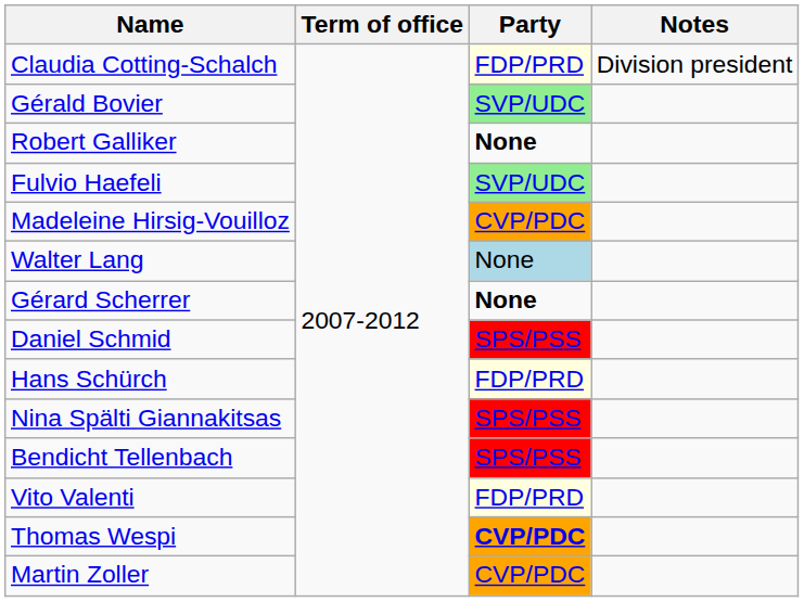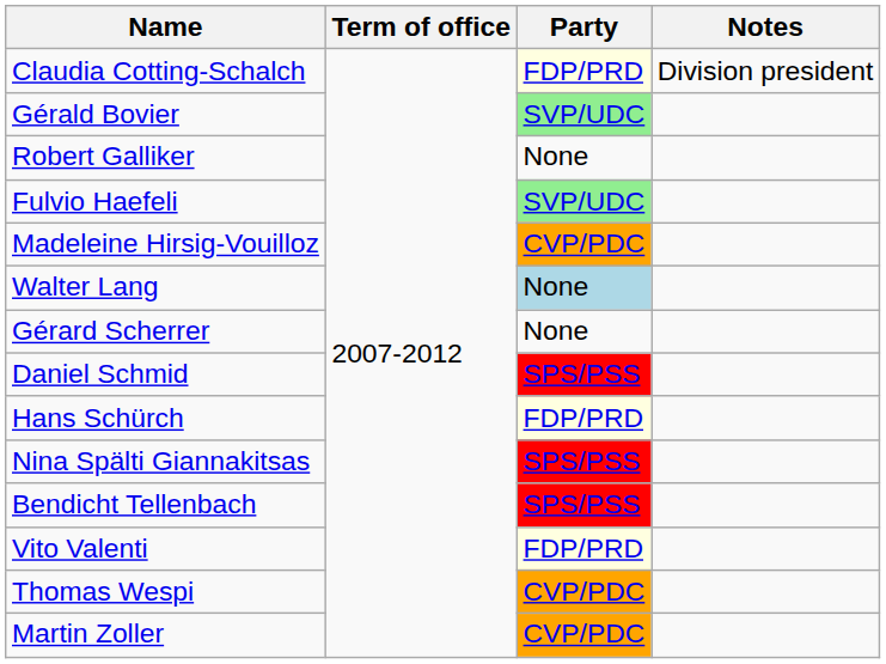 <table class="wikitable">
 <tr>
 <th>Name</th>
 <th>Term of office</th>
 <th>Party</th>
 <th>Notes</th>
 </tr>
 <tr>
 <td><a href='#'>Claudia Cotting-Schalch</a></td>
 <td rowspan="14">2007-2012</td>
 <td style="background:lightyellow"><a href='#'>FDP/PRD</a></td>
 <td>Division president</td>
 </tr>
 <tr>
 <td><a href='#'>Gérald Bovier</a></td>
 <td style="background:lightgreen"><a href='#'>SVP/UDC</a></td>
 <td></td>
 </tr>
 <tr>
 <td><a href='#'>Robert Galliker</a></td>
-<td><strong>None</strong></td>
+<td>None</td>
 <td></td>
 </tr>
 <tr>
 <td><a href='#'>Fulvio Haefeli</a></td>
 <td style="background:lightgreen"><a href='#'>SVP/UDC</a></td>
 <td></td>
 </tr>
 <tr>
 <td><a href='#'>Madeleine Hirsig-Vouilloz</a></td>
 <td style="background:orange"><a href='#'>CVP/PDC</a></td>
 <td></td>
 </tr>
 <tr>
 <td><a href='#'>Walter Lang</a></td>
 <td style="background: lightblue;">None</td>
 <td></td>
 </tr>
 <tr>
 <td><a href='#'>Gérard Scherrer</a></td>
-<td><strong>None</strong></td>
+<td>None</td>
 <td></td>
 </tr>
 <tr>
 <td><a href='#'>Daniel Schmid</a></td>
 <td style="background:red"><a href='#'>SPS/PSS</a></td>
 <td></td>
 </tr>
 <tr>
 <td><a href='#'>Hans Schürch</a></td>
 <td style="background:lightyellow"><a href='#'>FDP/PRD</a></td>
 <td></td>
 </tr>
 <tr>
 <td><a href='#'>Nina Spälti Giannakitsas</a></td>
 <td style="background:red"><a href='#'>SPS/PSS</a></td>
 <td></td>
 </tr>
 <tr>
 <td><a href='#'>Bendicht Tellenbach</a></td>
 <td style="background:red"><a href='#'>SPS/PSS</a></td>
 <td></td>
 </tr>
 <tr>
 <td><a href='#'>Vito Valenti</a></td>
 <td style="background:lightyellow"><a href='#'>FDP/PRD</a></td>
 <td></td>
 </tr>
 <tr>
 <td><a href='#'>Thomas Wespi</a></td>
-<td style="background:orange"><strong><a href='#'>CVP/PDC</a></strong></td>
+<td style="background:orange"><a href='#'>CVP/PDC</a></td>
 <td></td>
 </tr>
 <tr>
 <td><a href='#'>Martin Zoller</a></td>
 <td style="background:orange"><a href='#'>CVP/PDC</a></td>
 <td></td>
 </tr>
 </table>
